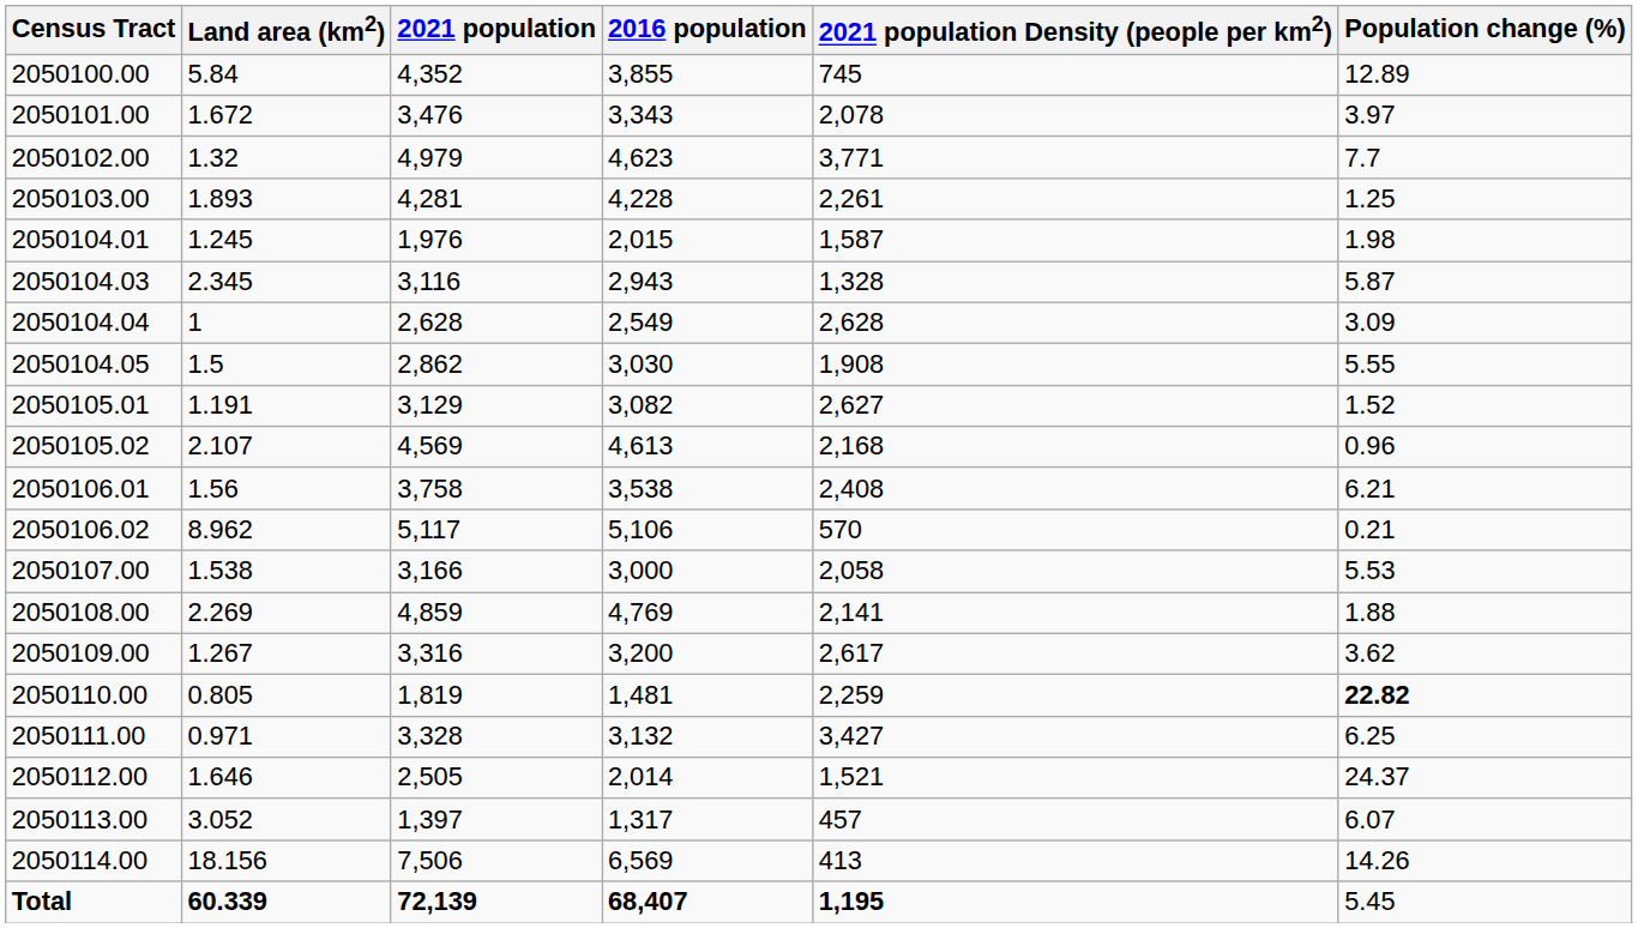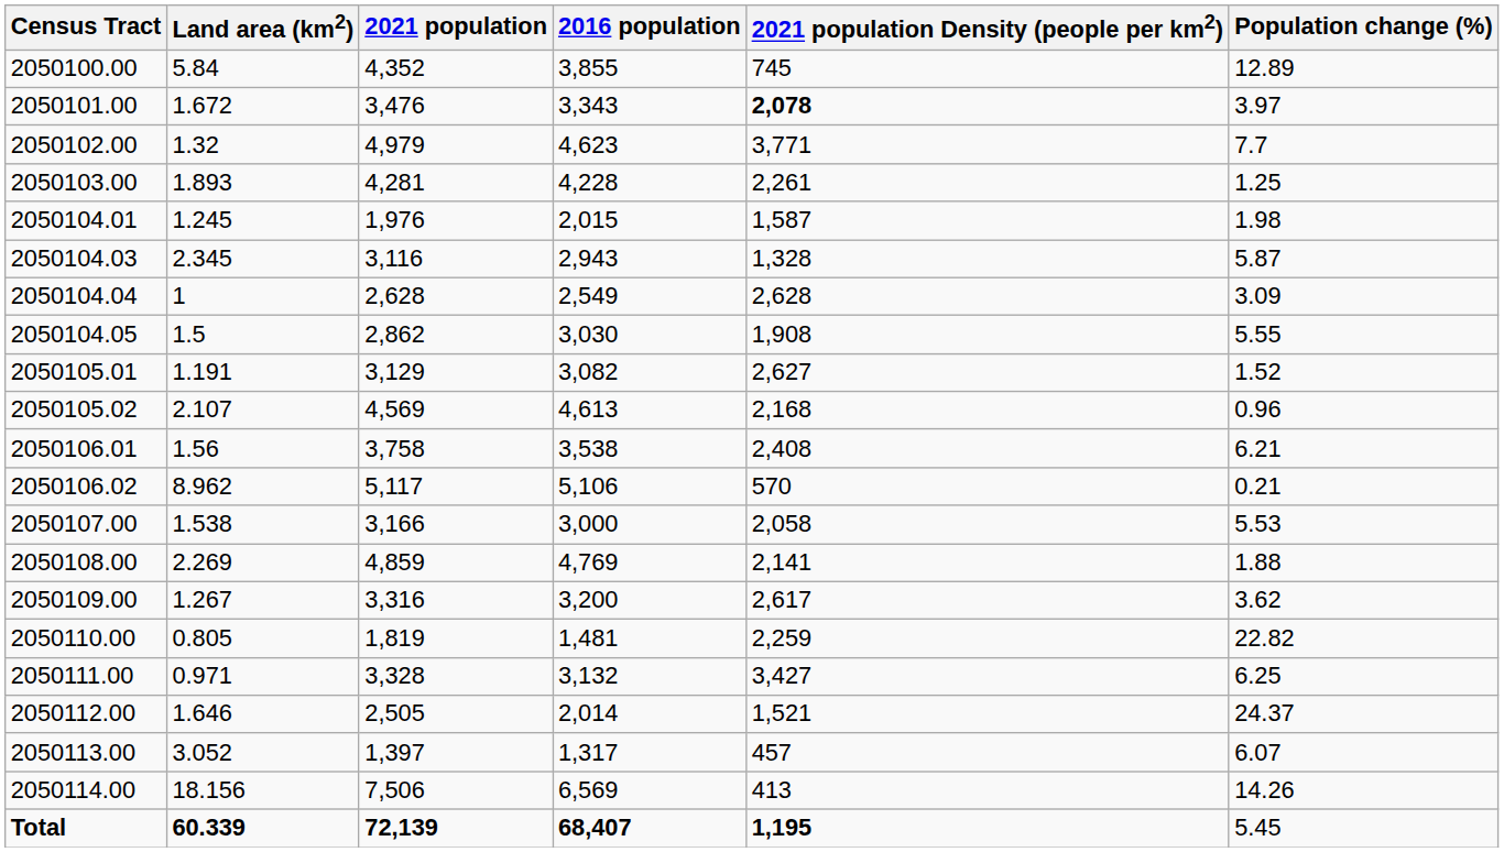 <table class="wikitable sortable">
 <tr>
 <th>Census Tract</th>
 <th>Land area (km<sup>2</sup>)</th>
 <th><a href='#'>2021</a> population</th>
 <th><a href='#'>2016</a> population</th>
 <th><a href='#'>2021</a> population Density (people per km<sup>2</sup>)</th>
 <th>Population change (%)</th>
 </tr>
 <tr>
 <td>2050100.00</td>
 <td>5.84</td>
 <td>4,352</td>
 <td>3,855</td>
 <td>745</td>
 <td>12.89</td>
 </tr>
 <tr>
 <td>2050101.00</td>
 <td>1.672</td>
 <td>3,476</td>
 <td>3,343</td>
-<td>2,078</td>
+<td><strong>2,078</strong></td>
 <td>3.97</td>
 </tr>
 <tr>
 <td>2050102.00</td>
 <td>1.32</td>
 <td>4,979</td>
 <td>4,623</td>
 <td>3,771</td>
 <td>7.7</td>
 </tr>
 <tr>
 <td>2050103.00</td>
 <td>1.893</td>
 <td>4,281</td>
 <td>4,228</td>
 <td>2,261</td>
 <td>1.25</td>
 </tr>
 <tr>
 <td>2050104.01</td>
 <td>1.245</td>
 <td>1,976</td>
 <td>2,015</td>
 <td>1,587</td>
 <td>1.98</td>
 </tr>
 <tr>
 <td>2050104.03</td>
 <td>2.345</td>
 <td>3,116</td>
 <td>2,943</td>
 <td>1,328</td>
 <td>5.87</td>
 </tr>
 <tr>
 <td>2050104.04</td>
 <td>1</td>
 <td>2,628</td>
 <td>2,549</td>
 <td>2,628</td>
 <td>3.09</td>
 </tr>
 <tr>
 <td>2050104.05</td>
 <td>1.5</td>
 <td>2,862</td>
 <td>3,030</td>
 <td>1,908</td>
 <td>5.55</td>
 </tr>
 <tr>
 <td>2050105.01</td>
 <td>1.191</td>
 <td>3,129</td>
 <td>3,082</td>
 <td>2,627</td>
 <td>1.52</td>
 </tr>
 <tr>
 <td>2050105.02</td>
 <td>2.107</td>
 <td>4,569</td>
 <td>4,613</td>
 <td>2,168</td>
 <td>0.96</td>
 </tr>
 <tr>
 <td>2050106.01</td>
 <td>1.56</td>
 <td>3,758</td>
 <td>3,538</td>
 <td>2,408</td>
 <td>6.21</td>
 </tr>
 <tr>
 <td>2050106.02</td>
 <td>8.962</td>
 <td>5,117</td>
 <td>5,106</td>
 <td>570</td>
 <td>0.21</td>
 </tr>
 <tr>
 <td>2050107.00</td>
 <td>1.538</td>
 <td>3,166</td>
 <td>3,000</td>
 <td>2,058</td>
 <td>5.53</td>
 </tr>
 <tr>
 <td>2050108.00</td>
 <td>2.269</td>
 <td>4,859</td>
 <td>4,769</td>
 <td>2,141</td>
 <td>1.88</td>
 </tr>
 <tr>
 <td>2050109.00</td>
 <td>1.267</td>
 <td>3,316</td>
 <td>3,200</td>
 <td>2,617</td>
 <td>3.62</td>
 </tr>
 <tr>
 <td>2050110.00</td>
 <td>0.805</td>
 <td>1,819</td>
 <td>1,481</td>
 <td>2,259</td>
-<td><strong>22.82</strong></td>
+<td>22.82</td>
 </tr>
 <tr>
 <td>2050111.00</td>
 <td>0.971</td>
 <td>3,328</td>
 <td>3,132</td>
 <td>3,427</td>
 <td>6.25</td>
 </tr>
 <tr>
 <td>2050112.00</td>
 <td>1.646</td>
 <td>2,505</td>
 <td>2,014</td>
 <td>1,521</td>
 <td>24.37</td>
 </tr>
 <tr>
 <td>2050113.00</td>
 <td>3.052</td>
 <td>1,397</td>
 <td>1,317</td>
 <td>457</td>
 <td>6.07</td>
 </tr>
 <tr>
 <td>2050114.00</td>
 <td>18.156</td>
 <td>7,506</td>
 <td>6,569</td>
 <td>413</td>
 <td>14.26</td>
 </tr>
 <tr>
 <td><strong>Total</strong></td>
 <td><strong>60.339</strong></td>
 <td><strong>72,139</strong></td>
 <td><strong>68,407</strong></td>
 <td><strong>1,195</strong></td>
 <td>5.45</td>
 </tr>
 <tr>
 </tr>
 </table>
